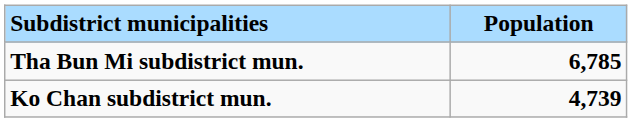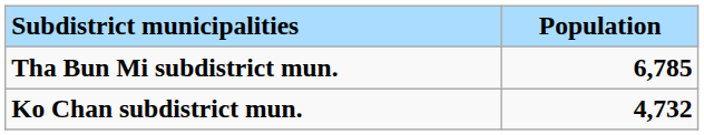 <table class="wikitable" style="width:48%; display:inline-table;">
 <tr>
 <td style= "background: #aadcff;"><strong>Subdistrict municipalities</strong></td>
 <td style= "background: #aadcff; text-align:center;"><strong>Population</strong></td>
 </tr>
 <tr>
 <td><strong>Tha Bun Mi subdistrict mun.</strong></td>
 <td style="text-align:right; text-align:right;"><strong>6,785</strong></td>
 </tr>
 <tr>
 <td><strong>Ko Chan subdistrict mun.</strong></td>
-<td style="text-align:right;"><strong>4,739</strong></td>
+<td style="text-align:right;"><strong>4,732</strong></td>
 </tr>
 </table>
